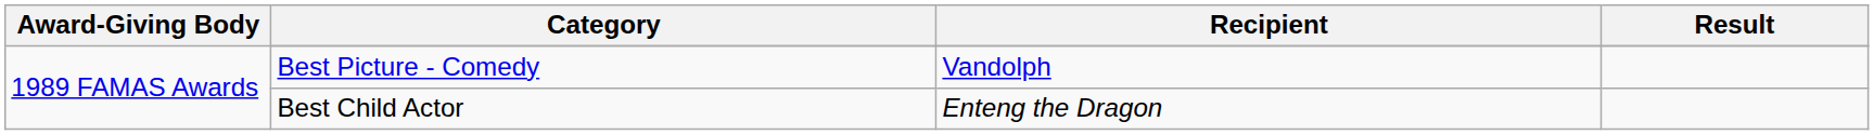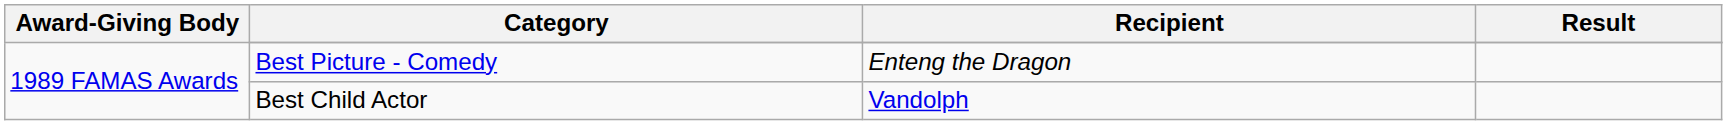 <table | width="90%" class="wikitable sortable">
 <tr>
 <th width="10%">Award-Giving Body</th>
 <th width="25%">Category</th>
 <th width="25%">Recipient</th>
 <th width="10%">Result</th>
 </tr>
 <tr>
 <td rowspan=3><a href='#'>1989 FAMAS Awards</a></td>
 </tr>
 <tr>
 <td><a href='#'>Best Picture - Comedy</a></td>
-<td><a href='#'>Vandolph</a></td>
+<td><em>Enteng the Dragon</em></td>
 <td></td>
 </tr>
 <tr>
 <td>Best Child Actor</td>
-<td><em>Enteng the Dragon</em></td>
+<td><a href='#'>Vandolph</a></td>
 <td></td>
 </tr>
 </table>
